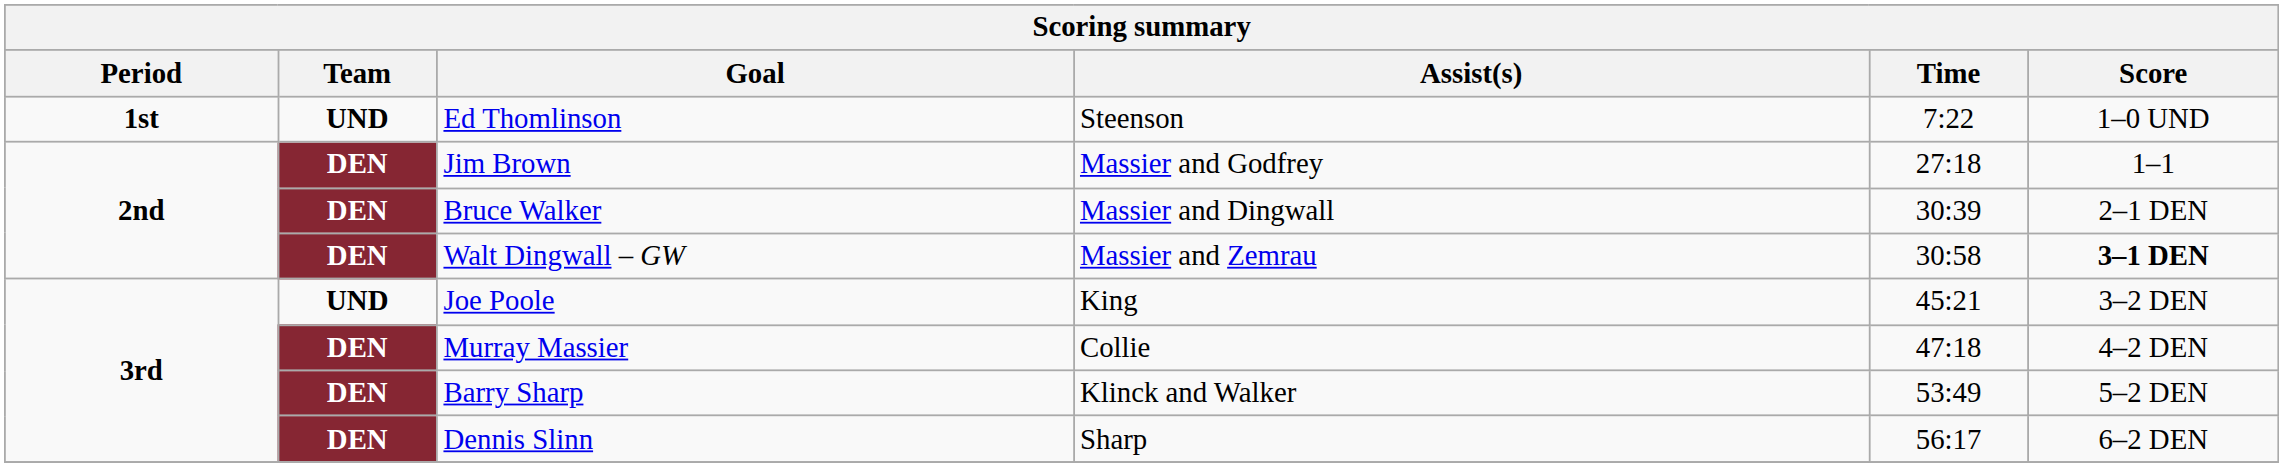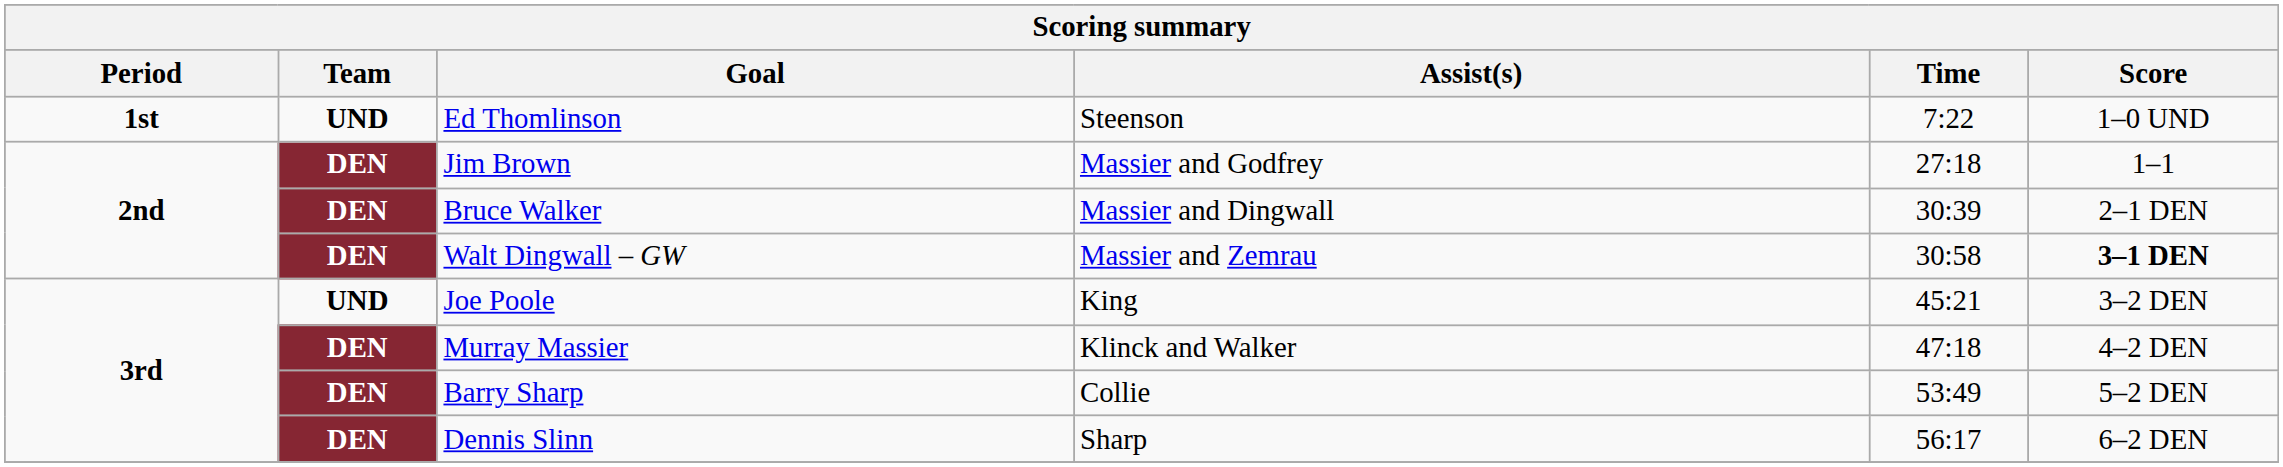 <table style="width:100%;" class="wikitable">
 <tr>
 <th colspan=6>Scoring summary</th>
 </tr>
 <tr>
 <th style="width:12%;">Period</th>
 <th style="width:7%;">Team</th>
 <th style="width:28%;">Goal</th>
 <th style="width:35%;">Assist(s)</th>
 <th style="width:7%;">Time</th>
 <th style="width:11%;">Score</th>
 </tr>
 <tr>
 <td style="text-align:center;" rowspan="1"><strong>1st</strong></td>
 <td align=center><strong>UND</strong></td>
 <td><a href='#'>Ed Thomlinson</a></td>
 <td>Steenson</td>
 <td align=center>7:22</td>
 <td align=center>1–0 UND</td>
 </tr>
 <tr>
 <td style="text-align:center;" rowspan="3"><strong>2nd</strong></td>
 <td align=center style="color:white; background:#862633; "><strong>DEN</strong></td>
 <td><a href='#'>Jim Brown</a></td>
 <td><a href='#'>Massier</a> and Godfrey</td>
 <td align=center>27:18</td>
 <td align=center>1–1</td>
 </tr>
 <tr>
 <td align=center style="color:white; background:#862633; "><strong>DEN</strong></td>
 <td><a href='#'>Bruce Walker</a></td>
 <td><a href='#'>Massier</a> and Dingwall</td>
 <td align=center>30:39</td>
 <td align=center>2–1 DEN</td>
 </tr>
 <tr>
 <td align=center style="color:white; background:#862633; "><strong>DEN</strong></td>
 <td><a href='#'>Walt Dingwall</a> – <em>GW</em></td>
 <td><a href='#'>Massier</a> and <a href='#'>Zemrau</a></td>
 <td align=center>30:58</td>
 <td align=center><strong>3–1 DEN</strong></td>
 </tr>
 <tr>
 <td style="text-align:center;" rowspan="4"><strong>3rd</strong></td>
 <td align=center><strong>UND</strong></td>
 <td><a href='#'>Joe Poole</a></td>
 <td>King</td>
 <td align=center>45:21</td>
 <td align=center>3–2 DEN</td>
 </tr>
 <tr>
 <td align=center style="color:white; background:#862633; "><strong>DEN</strong></td>
 <td><a href='#'>Murray Massier</a></td>
-<td>Collie</td>
+<td>Klinck and Walker</td>
 <td align=center>47:18</td>
 <td align=center>4–2 DEN</td>
 </tr>
 <tr>
 <td align=center style="color:white; background:#862633; "><strong>DEN</strong></td>
 <td><a href='#'>Barry Sharp</a></td>
-<td>Klinck and Walker</td>
+<td>Collie</td>
 <td align=center>53:49</td>
 <td align=center>5–2 DEN</td>
 </tr>
 <tr>
 <td align=center style="color:white; background:#862633; "><strong>DEN</strong></td>
 <td><a href='#'>Dennis Slinn</a></td>
 <td>Sharp</td>
 <td align=center>56:17</td>
 <td align=center>6–2 DEN</td>
 </tr>
 <tr>
 </tr>
 </table>
